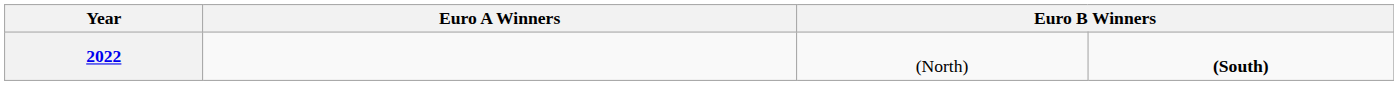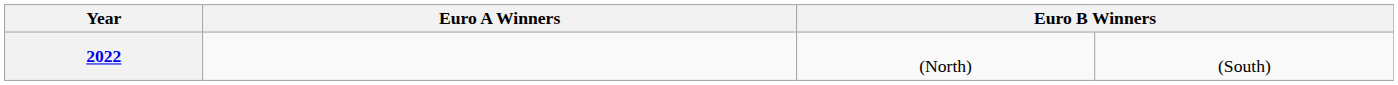 <table class="wikitable" style="font-size:100%;text-align:center;width:100%">
 <tr>
 <th>Year</th>
 <th>Euro A Winners</th>
 <th colspan=2>Euro B Winners</th>
 </tr>
 <tr>
 <th><a href='#'>2022</a></th>
 <td></td>
 <td><br>(North)</td>
-<td><strong><br>(South)</strong></td>
+<td><br>(South)</td>
 </tr>
 </table>
